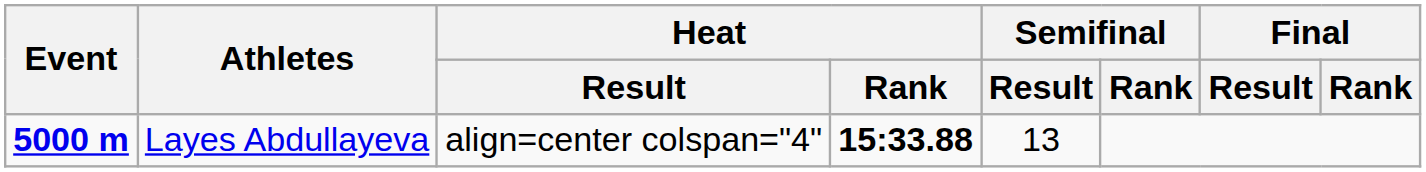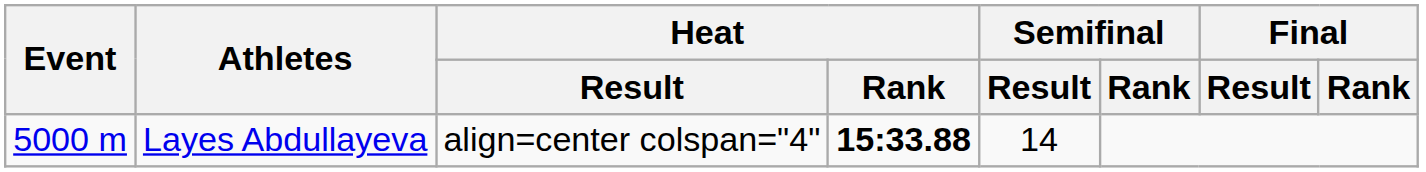 <table class="wikitable" border="1" style="font-size:90%">
 <tr>
 <th rowspan="2">Event</th>
 <th rowspan="2">Athletes</th>
 <th colspan="2">Heat</th>
 <th colspan="2">Semifinal</th>
 <th colspan="2">Final</th>
 </tr>
 <tr>
 <th>Result</th>
 <th>Rank</th>
 <th>Result</th>
 <th>Rank</th>
 <th>Result</th>
 <th>Rank</th>
 </tr>
 <tr>
-<td><strong><a href='#'>5000 m</a></strong></td>
+<td><a href='#'>5000 m</a></td>
 <td><a href='#'>Layes Abdullayeva</a></td>
 <td>align=center colspan="4" </td>
 <td align=center><strong>15:33.88</strong></td>
-<td align=center>13</td>
+<td align=center>14</td>
 </tr>
 </table>
